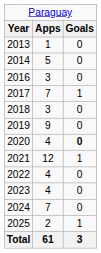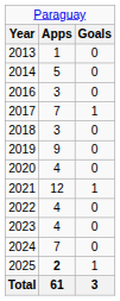 <table class="wikitable" style="text-align:center">
 <tr>
 <td colspan=3><a href='#'>Paraguay</a></td>
 </tr>
 <tr>
 <th>Year</th>
 <th>Apps</th>
 <th>Goals</th>
 </tr>
 <tr>
 <td>2013</td>
 <td>1</td>
 <td>0</td>
 </tr>
 <tr>
 <td>2014</td>
 <td>5</td>
 <td>0</td>
 </tr>
 <tr>
 <td>2016</td>
 <td>3</td>
 <td>0</td>
 </tr>
 <tr>
 <td>2017</td>
 <td>7</td>
 <td>1</td>
 </tr>
 <tr>
 <td>2018</td>
 <td>3</td>
 <td>0</td>
 </tr>
 <tr>
 <td>2019</td>
 <td>9</td>
 <td>0</td>
 </tr>
 <tr>
 <td>2020</td>
 <td>4</td>
-<td><strong>0</strong></td>
+<td>0</td>
 </tr>
 <tr>
 <td>2021</td>
 <td>12</td>
 <td>1</td>
 </tr>
 <tr>
 <td>2022</td>
 <td>4</td>
 <td>0</td>
 </tr>
 <tr>
 <td>2023</td>
 <td>4</td>
 <td>0</td>
 </tr>
 <tr>
 <td>2024</td>
 <td>7</td>
 <td>0</td>
 </tr>
 <tr>
 <td>2025</td>
-<td>2</td>
+<td><strong>2</strong></td>
 <td>1</td>
 </tr>
 <tr>
 <th>Total</th>
 <th>61</th>
 <th>3</th>
 </tr>
 </table>
